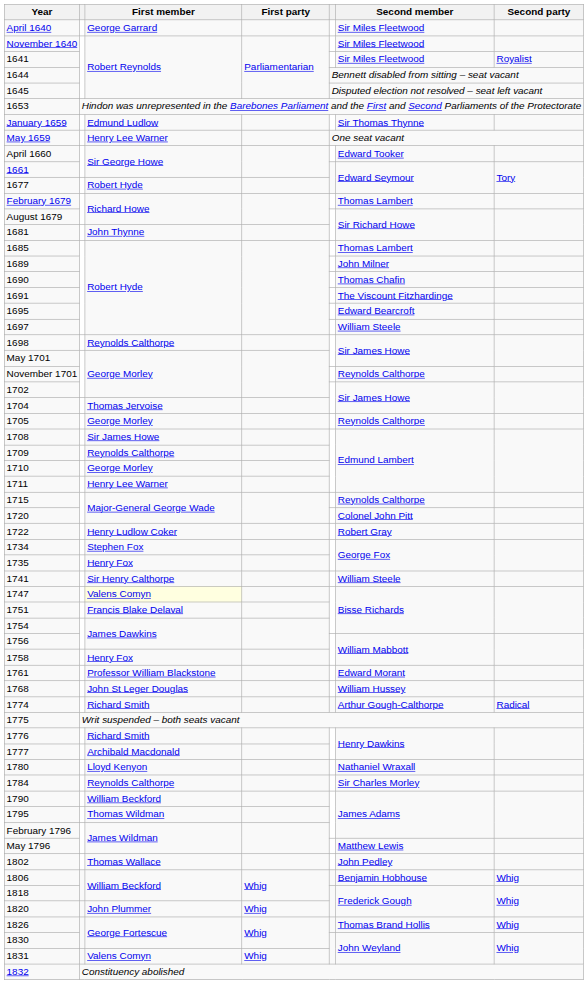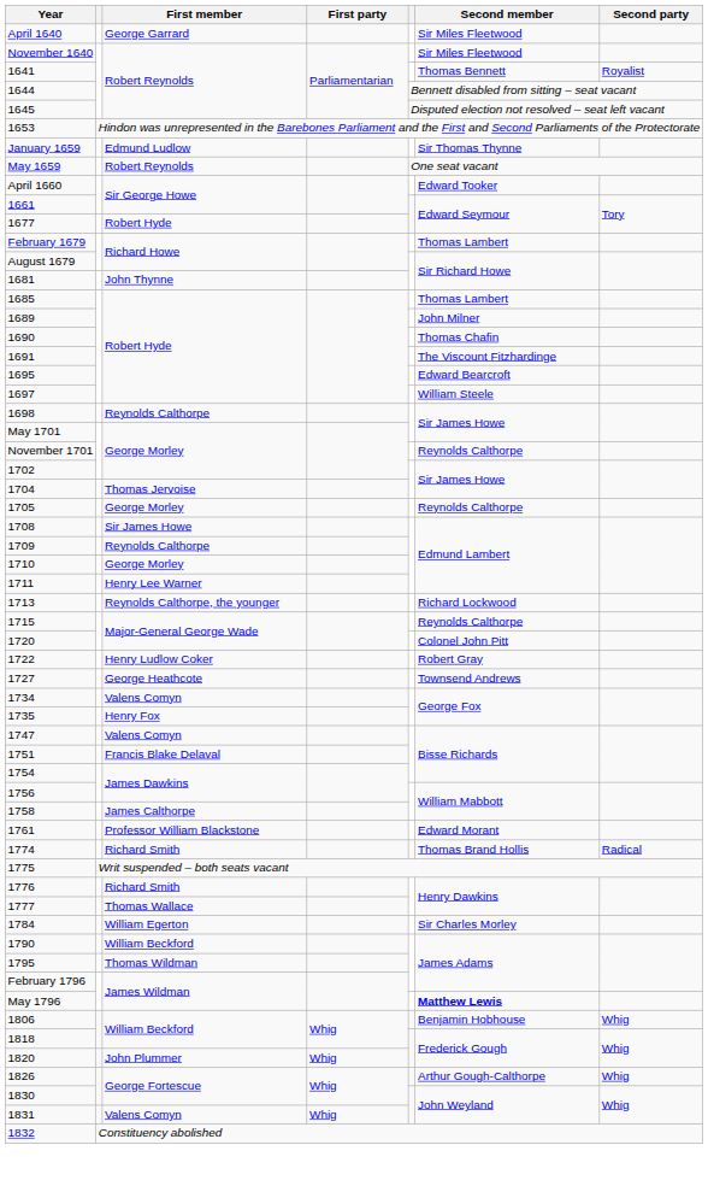 <table class="wikitable">
 <tr>
 <th>Year</th>
 <th></th>
 <th>First member</th>
 <th>First party</th>
 <th></th>
 <th>Second member</th>
 <th>Second party</th>
 </tr>
 <tr>
 <td><a href='#'>April 1640</a></td>
 <td style="color:inherit;background-color: white"></td>
 <td><a href='#'>George Garrard</a></td>
 <td></td>
 <td style="color:inherit;background-color: white"></td>
 <td><a href='#'>Sir Miles Fleetwood</a></td>
 <td></td>
 </tr>
 <tr>
 <td><a href='#'>November 1640</a></td>
 <td rowspan="4" style="color:inherit;background-color: white"></td>
 <td rowspan="4"><a href='#'>Robert Reynolds</a></td>
 <td rowspan="4"><a href='#'>Parliamentarian</a></td>
 <td style="color:inherit;background-color: white"></td>
 <td><a href='#'>Sir Miles Fleetwood</a></td>
 <td></td>
 </tr>
 <tr>
 <td>1641</td>
 <td style="color:inherit;background-color: white"></td>
-<td><a href='#'>Sir Miles Fleetwood</a></td>
+<td><a href='#'>Thomas Bennett</a></td>
 <td><a href='#'>Royalist</a></td>
 </tr>
 <tr>
 <td>1644</td>
 <td colspan="3"><em>Bennett disabled from sitting – seat vacant</em></td>
 </tr>
 <tr>
 <td>1645</td>
 <td colspan="3"><em>Disputed election not resolved – seat left vacant</em></td>
 </tr>
 <tr>
 <td>1653</td>
 <td colspan="6"><em>Hindon was unrepresented in the <a href='#'>Barebones Parliament</a> and the <a href='#'>First</a> and <a href='#'>Second</a> Parliaments of the Protectorate</em></td>
 </tr>
 <tr>
 <td><a href='#'>January 1659</a></td>
 <td style="color:inherit;background-color: white"></td>
 <td><a href='#'>Edmund Ludlow</a></td>
 <td></td>
 <td style="color:inherit;background-color: white"></td>
 <td><a href='#'>Sir Thomas Thynne</a></td>
 <td></td>
 </tr>
 <tr>
 <td><a href='#'>May 1659</a></td>
 <td style="color:inherit;background-color: white"></td>
-<td><a href='#'>Henry Lee Warner</a></td>
+<td><a href='#'>Robert Reynolds</a></td>
 <td></td>
 <td colspan="3"><em>One seat vacant</em></td>
 </tr>
 <tr>
 <td>April 1660</td>
 <td rowspan="2" style="color:inherit;background-color: white"></td>
 <td rowspan="2"><a href='#'>Sir George Howe</a></td>
 <td rowspan="2"></td>
 <td style="color:inherit;background-color: white"></td>
 <td><a href='#'>Edward Tooker</a></td>
 <td></td>
 </tr>
 <tr>
 <td><a href='#'>1661</a></td>
 <td rowspan="2" style="color:inherit;background-color: "></td>
 <td rowspan="2"><a href='#'>Edward Seymour</a></td>
 <td rowspan="2"><a href='#'>Tory</a></td>
 </tr>
 <tr>
 <td>1677</td>
 <td style="color:inherit;background-color: white"></td>
 <td><a href='#'>Robert Hyde</a></td>
 <td></td>
 </tr>
 <tr>
 <td><a href='#'>February 1679</a></td>
 <td rowspan="2" style="color:inherit;background-color: white"></td>
 <td rowspan="2"><a href='#'>Richard Howe</a></td>
 <td rowspan="2"></td>
 <td style="color:inherit;background-color: white"></td>
 <td><a href='#'>Thomas Lambert</a></td>
 <td></td>
 </tr>
 <tr>
 <td>August 1679</td>
 <td rowspan="2" style="color:inherit;background-color: white"></td>
 <td rowspan="2"><a href='#'>Sir Richard Howe</a></td>
 <td rowspan="2"></td>
 </tr>
 <tr>
 <td>1681</td>
 <td style="color:inherit;background-color: white"></td>
 <td><a href='#'>John Thynne</a></td>
 <td></td>
 </tr>
 <tr>
 <td>1685</td>
 <td rowspan="6" style="color:inherit;background-color: white"></td>
 <td rowspan="6"><a href='#'>Robert Hyde</a></td>
 <td rowspan="6"></td>
 <td style="color:inherit;background-color: white"></td>
 <td><a href='#'>Thomas Lambert</a></td>
 <td></td>
 </tr>
 <tr>
 <td>1689</td>
 <td style="color:inherit;background-color: white"></td>
 <td><a href='#'>John Milner</a></td>
 <td></td>
 </tr>
 <tr>
 <td>1690</td>
 <td style="color:inherit;background-color: white"></td>
 <td><a href='#'>Thomas Chafin</a></td>
 <td></td>
 </tr>
 <tr>
 <td>1691</td>
 <td style="color:inherit;background-color: white"></td>
 <td><a href='#'>The Viscount Fitzhardinge</a></td>
 <td></td>
 </tr>
 <tr>
 <td>1695</td>
 <td style="color:inherit;background-color: white"></td>
 <td><a href='#'>Edward Bearcroft</a></td>
 <td></td>
 </tr>
 <tr>
 <td>1697</td>
 <td style="color:inherit;background-color: white"></td>
 <td><a href='#'>William Steele</a></td>
 <td></td>
 </tr>
 <tr>
 <td>1698</td>
 <td style="color:inherit;background-color: white"></td>
 <td><a href='#'>Reynolds Calthorpe</a></td>
 <td></td>
 <td rowspan="2" style="color:inherit;background-color: white"></td>
 <td rowspan="2"><a href='#'>Sir James Howe</a></td>
 <td rowspan="2"></td>
 </tr>
 <tr>
 <td>May 1701</td>
 <td rowspan="3" style="color:inherit;background-color: white"></td>
 <td rowspan="3"><a href='#'>George Morley</a></td>
 <td rowspan="3"></td>
 </tr>
 <tr>
 <td>November 1701</td>
 <td style="color:inherit;background-color: white"></td>
 <td><a href='#'>Reynolds Calthorpe</a></td>
 <td></td>
 </tr>
 <tr>
 <td>1702</td>
 <td rowspan="2" style="color:inherit;background-color: white"></td>
 <td rowspan="2"><a href='#'>Sir James Howe</a></td>
 <td rowspan="2"></td>
 </tr>
 <tr>
 <td>1704</td>
 <td style="color:inherit;background-color: white"></td>
 <td><a href='#'>Thomas Jervoise</a></td>
 <td></td>
 </tr>
 <tr>
 <td>1705</td>
 <td style="color:inherit;background-color: white"></td>
 <td><a href='#'>George Morley</a></td>
 <td></td>
 <td style="color:inherit;background-color: white"></td>
 <td><a href='#'>Reynolds Calthorpe</a></td>
 <td></td>
 </tr>
 <tr>
 <td>1708</td>
 <td style="color:inherit;background-color: white"></td>
 <td><a href='#'>Sir James Howe</a></td>
 <td></td>
 <td rowspan="4" style="color:inherit;background-color: white"></td>
 <td rowspan="4"><a href='#'>Edmund Lambert</a></td>
 <td rowspan="4"></td>
 </tr>
 <tr>
 <td>1709</td>
 <td style="color:inherit;background-color: white"></td>
 <td><a href='#'>Reynolds Calthorpe</a></td>
 <td></td>
 </tr>
 <tr>
 <td>1710</td>
 <td style="color:inherit;background-color: white"></td>
 <td><a href='#'>George Morley</a></td>
 <td></td>
 </tr>
 <tr>
 <td>1711</td>
 <td style="color:inherit;background-color: white"></td>
 <td><a href='#'>Henry Lee Warner</a></td>
 <td></td>
 </tr>
 <tr>
+<td>1713</td>
+<td style="color:inherit;background-color: white"></td>
+<td><a href='#'>Reynolds Calthorpe, the younger</a></td>
+<td></td>
+<td style="color:inherit;background-color: white"></td>
+<td><a href='#'>Richard Lockwood</a></td>
+<td></td>
+</tr>
+<tr>
 <td>1715</td>
 <td rowspan="2" style="color:inherit;background-color: white"></td>
 <td rowspan="2"><a href='#'>Major-General George Wade</a></td>
 <td rowspan="2"></td>
 <td style="color:inherit;background-color: white"></td>
 <td><a href='#'>Reynolds Calthorpe</a></td>
 <td></td>
 </tr>
 <tr>
 <td>1720</td>
 <td style="color:inherit;background-color: white"></td>
 <td><a href='#'>Colonel John Pitt</a></td>
 <td></td>
 </tr>
 <tr>
 <td>1722</td>
 <td style="color:inherit;background-color: white"></td>
 <td><a href='#'>Henry Ludlow Coker</a></td>
 <td></td>
 <td style="color:inherit;background-color: white"></td>
 <td><a href='#'>Robert Gray</a></td>
 <td></td>
 </tr>
 <tr>
+<td>1727</td>
+<td style="color:inherit;background-color: white"></td>
+<td><a href='#'>George Heathcote</a></td>
+<td></td>
+<td style="color:inherit;background-color: white"></td>
+<td><a href='#'>Townsend Andrews</a></td>
+<td></td>
+</tr>
+<tr>
 <td>1734</td>
 <td style="color:inherit;background-color: white"></td>
-<td><a href='#'>Stephen Fox</a></td>
+<td><a href='#'>Valens Comyn</a></td>
 <td></td>
 <td rowspan="2" style="color:inherit;background-color: white"></td>
 <td rowspan="2"><a href='#'>George Fox</a></td>
 <td rowspan="2"></td>
 </tr>
 <tr>
 <td>1735</td>
 <td style="color:inherit;background-color: white"></td>
 <td><a href='#'>Henry Fox</a></td>
 <td></td>
 </tr>
 <tr>
-<td>1741</td>
-<td style="color:inherit;background-color: white"></td>
-<td><a href='#'>Sir Henry Calthorpe</a></td>
-<td></td>
-<td style="color:inherit;background-color: white"></td>
-<td><a href='#'>William Steele</a></td>
-<td></td>
-</tr>
-<tr>
 <td>1747</td>
 <td style="color:inherit;background-color: white"></td>
-<td style="background: lightyellow;"><a href='#'>Valens Comyn</a></td>
+<td><a href='#'>Valens Comyn</a></td>
 <td></td>
 <td rowspan="3" style="color:inherit;background-color: white"></td>
 <td rowspan="3"><a href='#'>Bisse Richards</a></td>
 <td rowspan="3"></td>
 </tr>
 <tr>
 <td>1751</td>
 <td style="color:inherit;background-color: white"></td>
 <td><a href='#'>Francis Blake Delaval</a></td>
 <td></td>
 </tr>
 <tr>
 <td>1754</td>
 <td rowspan="2" style="color:inherit;background-color: white"></td>
 <td rowspan="2"><a href='#'>James Dawkins</a></td>
 <td rowspan="2"></td>
 </tr>
 <tr>
 <td>1756</td>
 <td rowspan="2" style="color:inherit;background-color: white"></td>
 <td rowspan="2"><a href='#'>William Mabbott</a></td>
 <td rowspan="2"></td>
 </tr>
 <tr>
 <td>1758</td>
 <td style="color:inherit;background-color: white"></td>
-<td><a href='#'>Henry Fox</a></td>
+<td><a href='#'>James Calthorpe</a></td>
 <td></td>
 </tr>
 <tr>
 <td>1761</td>
 <td style="color:inherit;background-color: white"></td>
 <td><a href='#'>Professor William Blackstone</a></td>
 <td></td>
 <td style="color:inherit;background-color: white"></td>
 <td><a href='#'>Edward Morant</a></td>
 <td></td>
 </tr>
 <tr>
-<td>1768</td>
-<td style="color:inherit;background-color: white"></td>
-<td><a href='#'>John St Leger Douglas</a></td>
-<td></td>
-<td style="color:inherit;background-color: white"></td>
-<td><a href='#'>William Hussey</a></td>
-<td></td>
-</tr>
-<tr>
 <td>1774</td>
 <td style="color:inherit;background-color: white"></td>
 <td><a href='#'>Richard Smith</a></td>
 <td></td>
 <td style="color:inherit;background-color: "></td>
-<td><a href='#'>Arthur Gough-Calthorpe</a></td>
+<td><a href='#'>Thomas Brand Hollis</a></td>
 <td><a href='#'>Radical</a></td>
 </tr>
 <tr>
 <td>1775</td>
 <td colspan="6"><em>Writ suspended – both seats vacant</em></td>
 </tr>
 <tr>
 <td>1776</td>
 <td style="color:inherit;background-color: white"></td>
 <td><a href='#'>Richard Smith</a></td>
 <td></td>
 <td rowspan="2" style="color:inherit;background-color: white"></td>
 <td rowspan="2"><a href='#'>Henry Dawkins</a></td>
 <td rowspan="2"></td>
 </tr>
 <tr>
 <td>1777</td>
 <td style="color:inherit;background-color: white"></td>
-<td><a href='#'>Archibald Macdonald</a></td>
-<td></td>
-</tr>
-<tr>
-<td>1780</td>
-<td style="color:inherit;background-color: white"></td>
-<td><a href='#'>Lloyd Kenyon</a></td>
-<td></td>
-<td style="color:inherit;background-color: white"></td>
-<td><a href='#'>Nathaniel Wraxall</a></td>
+<td><a href='#'>Thomas Wallace</a></td>
 <td></td>
 </tr>
 <tr>
 <td>1784</td>
 <td style="color:inherit;background-color: white"></td>
-<td><a href='#'>Reynolds Calthorpe</a></td>
+<td><a href='#'>William Egerton</a></td>
 <td></td>
 <td style="color:inherit;background-color: white"></td>
 <td><a href='#'>Sir Charles Morley</a></td>
 <td></td>
 </tr>
 <tr>
 <td>1790</td>
 <td style="color:inherit;background-color: white"></td>
 <td><a href='#'>William Beckford</a></td>
 <td></td>
 <td rowspan="3" style="color:inherit;background-color: white"></td>
 <td rowspan="3"><a href='#'>James Adams</a></td>
 <td rowspan="3"></td>
 </tr>
 <tr>
 <td>1795</td>
 <td style="color:inherit;background-color: white"></td>
 <td><a href='#'>Thomas Wildman</a></td>
 <td></td>
 </tr>
 <tr>
 <td>February 1796</td>
 <td rowspan="2" style="color:inherit;background-color: white"></td>
 <td rowspan="2"><a href='#'>James Wildman</a></td>
 <td rowspan="2"></td>
 </tr>
 <tr>
 <td>May 1796</td>
 <td style="color:inherit;background-color: white"></td>
-<td><a href='#'>Matthew Lewis</a></td>
-<td></td>
-</tr>
-<tr>
-<td>1802</td>
-<td style="color:inherit;background-color: white"></td>
-<td><a href='#'>Thomas Wallace</a></td>
-<td></td>
-<td style="color:inherit;background-color: white"></td>
-<td><a href='#'>John Pedley</a></td>
+<td><strong><a href='#'>Matthew Lewis</a></strong></td>
 <td></td>
 </tr>
 <tr>
 <td>1806</td>
 <td rowspan="2" style="color:inherit;background-color: "></td>
 <td rowspan="2"><a href='#'>William Beckford</a></td>
 <td rowspan="2"><a href='#'>Whig</a></td>
 <td style="color:inherit;background-color: "></td>
 <td><a href='#'>Benjamin Hobhouse</a></td>
 <td><a href='#'>Whig</a></td>
 </tr>
 <tr>
 <td>1818</td>
 <td rowspan="2" style="color:inherit;background-color: "></td>
 <td rowspan="2"><a href='#'>Frederick Gough</a></td>
 <td rowspan="2"><a href='#'>Whig</a></td>
 </tr>
 <tr>
 <td>1820</td>
 <td style="color:inherit;background-color: "></td>
 <td><a href='#'>John Plummer</a></td>
 <td><a href='#'>Whig</a></td>
 </tr>
 <tr>
 <td>1826</td>
 <td rowspan="2" style="color:inherit;background-color: "></td>
 <td rowspan="2"><a href='#'>George Fortescue</a></td>
 <td rowspan="2"><a href='#'>Whig</a></td>
 <td style="color:inherit;background-color: "></td>
-<td><a href='#'>Thomas Brand Hollis</a></td>
+<td><a href='#'>Arthur Gough-Calthorpe</a></td>
 <td><a href='#'>Whig</a></td>
 </tr>
 <tr>
 <td>1830</td>
 <td rowspan="2" style="color:inherit;background-color: "></td>
 <td rowspan="2"><a href='#'>John Weyland</a></td>
 <td rowspan="2"><a href='#'>Whig</a></td>
 </tr>
 <tr>
 <td>1831</td>
 <td style="color:inherit;background-color: "></td>
 <td><a href='#'>Valens Comyn</a></td>
 <td><a href='#'>Whig</a></td>
 </tr>
 <tr>
 <td><a href='#'>1832</a></td>
 <td colspan="6"><em>Constituency abolished</em></td>
 </tr>
 </table>
